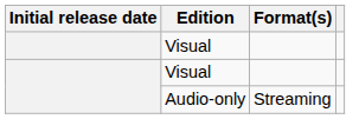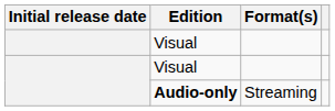 <table class="wikitable plainrowheaders">
 <tr>
 <th scope="col">Initial release date</th>
 <th scope="col">Edition</th>
 <th scope="col">Format(s)</th>
 <th scope="col"></th>
 </tr>
 <tr>
 <th scope="row"></th>
 <td>Visual</td>
 <td></td>
 <td style="text-align:center;"></td>
 </tr>
 <tr>
 <th scope="row" rowspan="2"></th>
 <td>Visual </td>
 <td></td>
 <td style="text-align:center;"></td>
 </tr>
 <tr>
-<td>Audio-only</td>
+<td><strong>Audio-only</strong></td>
 <td>Streaming</td>
 <td style="text-align:center;"></td>
 </tr>
 </table>
